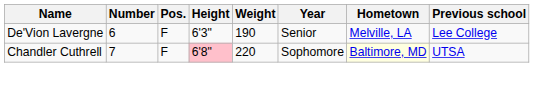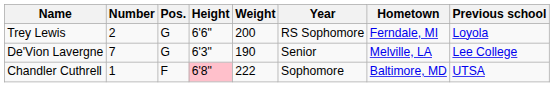 <table class="wikitable sortable" border="1">
 <tr>
 <th>Name</th>
 <th>Number</th>
 <th>Pos.</th>
 <th>Height</th>
 <th>Weight</th>
 <th>Year</th>
 <th>Hometown</th>
 <th>Previous school</th>
 </tr>
 <tr>
+<td>Trey Lewis</td>
+<td>2</td>
+<td>G</td>
+<td>6'6"</td>
+<td>200</td>
+<td>RS Sophomore</td>
+<td><a href='#'>Ferndale, MI</a></td>
+<td><a href='#'>Loyola</a></td>
+</tr>
+<tr>
 <td>De'Vion Lavergne</td>
-<td>6</td>
-<td>F</td>
+<td>7</td>
+<td>G</td>
 <td>6'3"</td>
 <td>190</td>
 <td>Senior</td>
 <td><a href='#'>Melville, LA</a></td>
 <td><a href='#'>Lee College</a></td>
 </tr>
 <tr>
 <td>Chandler Cuthrell</td>
-<td>7</td>
+<td>1</td>
 <td>F</td>
 <td style="background: pink;">6'8"</td>
-<td>220</td>
+<td>222</td>
 <td>Sophomore</td>
-<td style="background: lightyellow;"><a href='#'>Baltimore, MD</a></td>
+<td><a href='#'>Baltimore, MD</a></td>
 <td><a href='#'>UTSA</a></td>
 </tr>
 </table>
